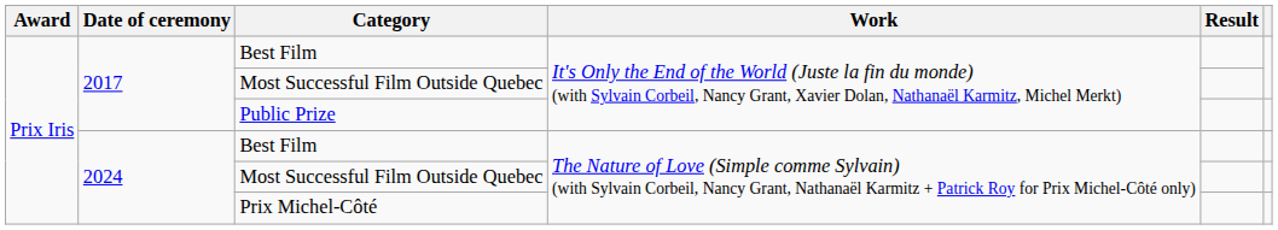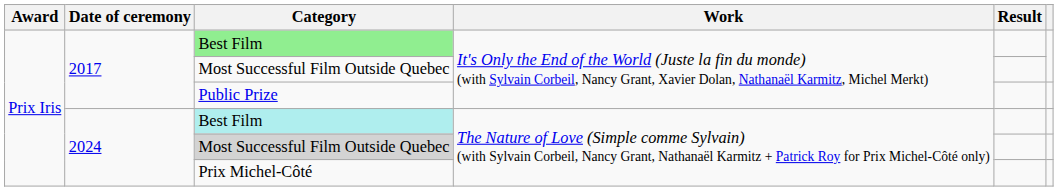 <table class="wikitable plainrowheaders sortable">
 <tr>
 <th scope="col">Award</th>
 <th scope="col">Date of ceremony</th>
 <th scope="col">Category</th>
 <th scope="col">Work</th>
 <th scope="col">Result</th>
 <th scope="col" class="unsortable"></th>
 </tr>
 <tr>
 <td rowspan=6><a href='#'>Prix Iris</a></td>
 <td rowspan=3><a href='#'>2017</a></td>
-<td>Best Film</td>
+<td style="background: lightgreen;">Best Film</td>
 <td rowspan=3><em><a href='#'>It's Only the End of the World</a> (Juste la fin du monde)</em><br><small>(with <a href='#'>Sylvain Corbeil</a>, Nancy Grant, Xavier Dolan, <a href='#'>Nathanaël Karmitz</a>, Michel Merkt)</small></td>
 <td></td>
 <td rowspan=2></td>
 </tr>
 <tr>
 <td>Most Successful Film Outside Quebec</td>
 <td></td>
 </tr>
 <tr>
 <td><a href='#'>Public Prize</a></td>
 <td></td>
 <td></td>
 </tr>
 <tr>
 <td rowspan=3><a href='#'>2024</a></td>
-<td>Best Film</td>
+<td style="background: paleturquoise;">Best Film</td>
 <td rowspan=3><em><a href='#'>The Nature of Love</a> (Simple comme Sylvain)</em><br><small>(with Sylvain Corbeil, Nancy Grant, Nathanaël Karmitz + <a href='#'>Patrick Roy</a> for Prix Michel-Côté only)</small></td>
 <td></td>
 <td></td>
 </tr>
 <tr>
-<td>Most Successful Film Outside Quebec</td>
+<td style="background: lightgrey;">Most Successful Film Outside Quebec</td>
 <td></td>
 <td></td>
 </tr>
 <tr>
 <td>Prix Michel-Côté</td>
 <td></td>
 <td></td>
 </tr>
 </table>
